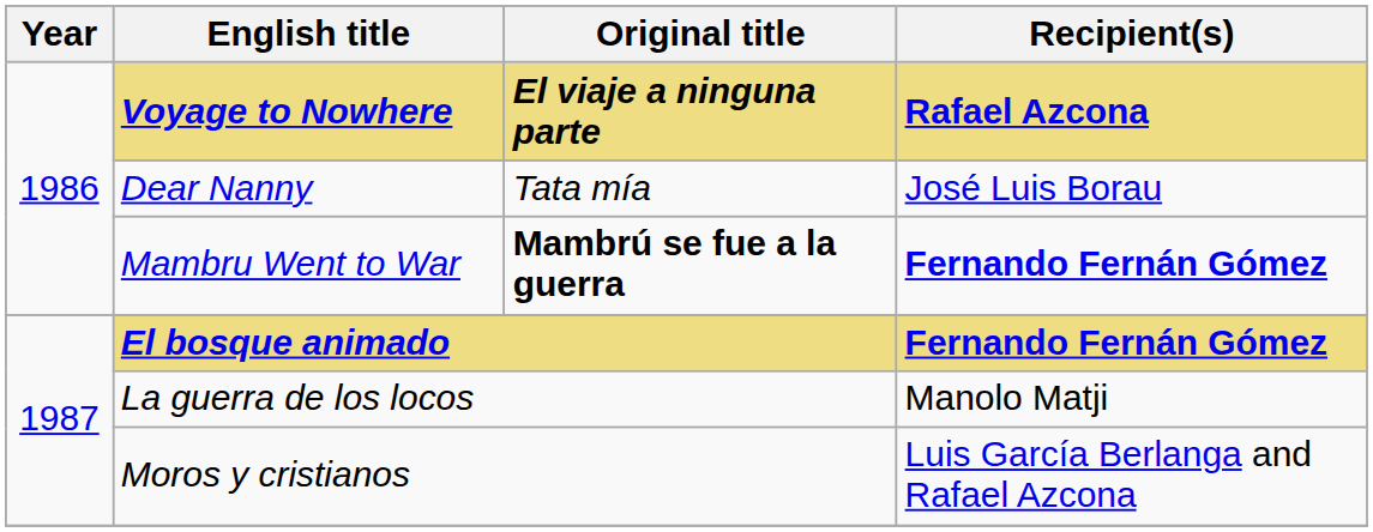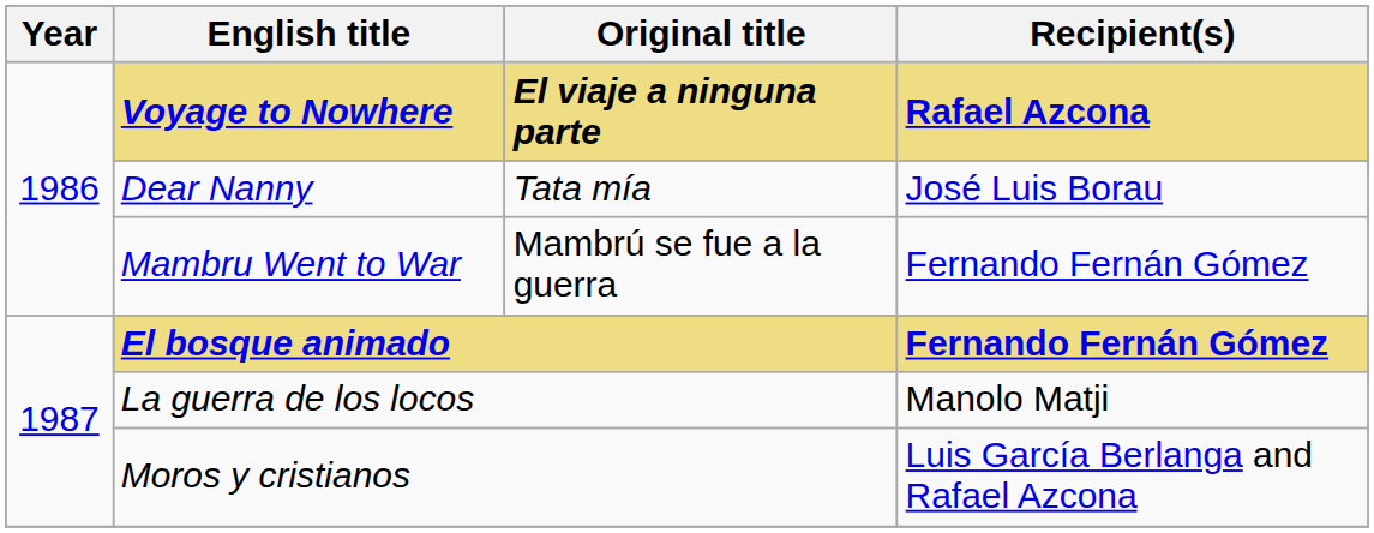 <table class="wikitable sortable" style="text-align:left;"style="width:95%">
 <tr>
 <th scope="col" style="width:5%;">Year</th>
 <th scope="col" style="width:25%;">English title</th>
 <th scope="col" style="width:25%;">Original title</th>
 <th scope="col" style="width:30%;">Recipient(s)</th>
 </tr>
 <tr>
 <td rowspan="3" style="text-align:center;"><a href='#'>1986</a><br></td>
 <td style="background:#eedd82;"><strong><em><a href='#'>Voyage to Nowhere</a></em></strong></td>
 <td style="background:#eedd82;"><strong><em>El viaje a ninguna parte</em></strong></td>
 <td style="background:#eedd82;"><strong><a href='#'>Rafael Azcona</a></strong></td>
 </tr>
 <tr>
 <td><em><a href='#'>Dear Nanny</a></em></td>
 <td><em>Tata mía</em></td>
 <td><a href='#'>José Luis Borau</a></td>
 </tr>
 <tr>
 <td><em><a href='#'>Mambru Went to War</a></em></td>
-<td><strong>Mambrú se fue a la guerra</strong></td>
-<td><strong><a href='#'>Fernando Fernán Gómez</a></strong></td>
+<td>Mambrú se fue a la guerra</td>
+<td><a href='#'>Fernando Fernán Gómez</a></td>
 </tr>
 <tr>
 <td rowspan="3" style="text-align:center;"><a href='#'>1987</a></td>
 <td colspan="2" style="background:#eedd82;"><strong><em><a href='#'>El bosque animado</a></em></strong></td>
 <td style="background:#eedd82;"><strong><a href='#'>Fernando Fernán Gómez</a></strong></td>
 </tr>
 <tr>
 <td colspan="2"><em>La guerra de los locos</em></td>
 <td>Manolo Matji</td>
 </tr>
 <tr>
 <td colspan="2"><em>Moros y cristianos</em></td>
 <td><a href='#'>Luis García Berlanga</a> and <a href='#'>Rafael Azcona</a></td>
 </tr>
 <tr>
 </tr>
 </table>
